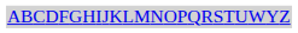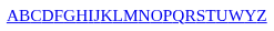 <table id="toc" class="toc" summary="Class">
 <tr>
 <th></th>
 </tr>
 <tr>
-<td style="background: lightgrey; text-align:center;"><a href='#'>A</a><a href='#'>B</a><a href='#'>C</a><a href='#'>D</a><a href='#'>F</a><a href='#'>G</a><a href='#'>H</a><a href='#'>I</a><a href='#'>J</a><a href='#'>K</a><a href='#'>L</a><a href='#'>M</a><a href='#'>N</a><a href='#'>O</a><a href='#'>P</a><a href='#'>Q</a><a href='#'>R</a><a href='#'>S</a><a href='#'>T</a><a href='#'>U</a><a href='#'>W</a><a href='#'>Y</a><a href='#'>Z</a></td>
+<td style="text-align:center;"><a href='#'>A</a><a href='#'>B</a><a href='#'>C</a><a href='#'>D</a><a href='#'>F</a><a href='#'>G</a><a href='#'>H</a><a href='#'>I</a><a href='#'>J</a><a href='#'>K</a><a href='#'>L</a><a href='#'>M</a><a href='#'>N</a><a href='#'>O</a><a href='#'>P</a><a href='#'>Q</a><a href='#'>R</a><a href='#'>S</a><a href='#'>T</a><a href='#'>U</a><a href='#'>W</a><a href='#'>Y</a><a href='#'>Z</a></td>
 </tr>
 </table>
